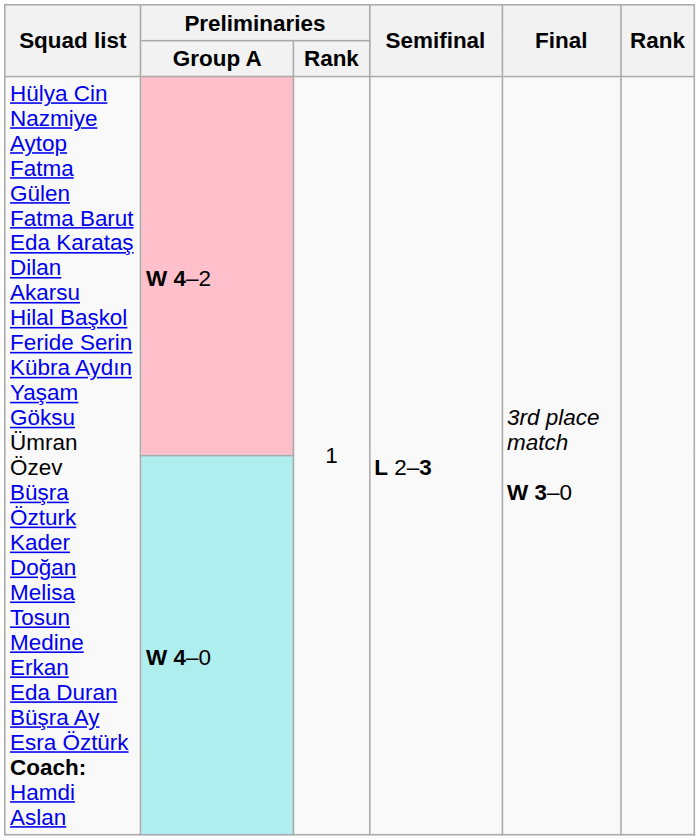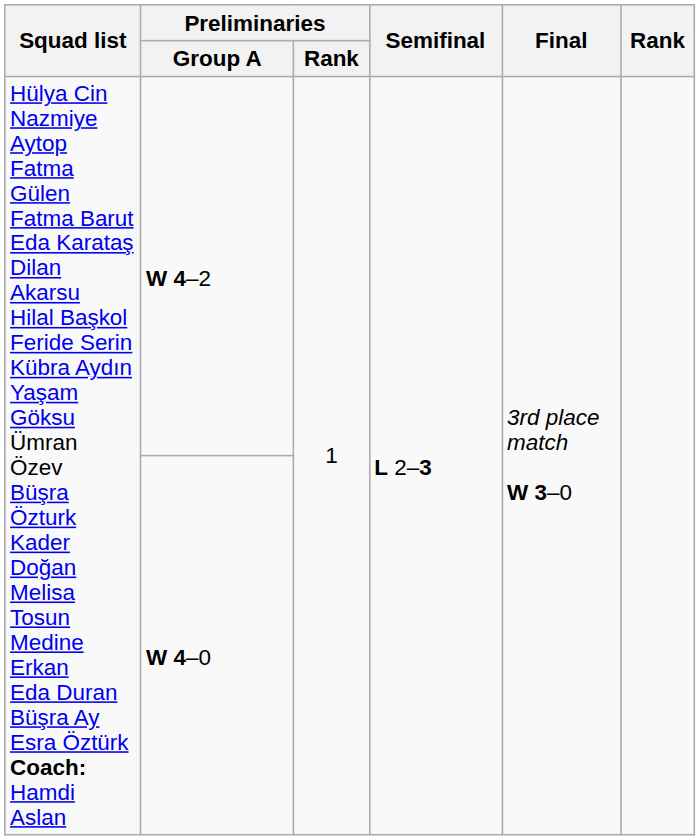 <table class="wikitable" width="71%" style="text-align:left; font-size:90%">
 <tr>
 <th rowspan="2" width="16%">Squad list</th>
 <th colspan="2">Preliminaries</th>
 <th rowspan="2" width="14%">Semifinal</th>
 <th rowspan="2" width="14%">Final</th>
 <th rowspan="2" width="5%">Rank</th>
 </tr>
 <tr>
 <th width="18%">Group A</th>
 <th width="5%">Rank</th>
 </tr>
 <tr>
 <td rowspan=2><a href='#'>Hülya Cin</a><br><a href='#'>Nazmiye Aytop</a><br><a href='#'>Fatma Gülen</a><br><a href='#'>Fatma Barut</a><br><a href='#'>Eda Karataş</a><br><a href='#'>Dilan Akarsu</a><br><a href='#'>Hilal Başkol</a><br><a href='#'>Feride Serin</a><br><a href='#'>Kübra Aydın</a><br><a href='#'>Yaşam Göksu</a><br>Ümran Özev<br><a href='#'>Büşra Özturk</a><br><a href='#'>Kader Doğan</a><br><a href='#'>Melisa Tosun</a><br><a href='#'>Medine Erkan</a><br><a href='#'>Eda Duran</a><br><a href='#'>Büşra Ay</a><br><a href='#'>Esra Öztürk</a><br><strong>Coach:</strong> <a href='#'>Hamdi Aslan</a></td>
-<td style="background: pink;"><br><strong>W</strong> <strong>4</strong>–2</td>
+<td><br><strong>W</strong> <strong>4</strong>–2</td>
 <td rowspan=2 align=center>1 <strong></strong></td>
 <td rowspan="2"><br><strong>L</strong> 2–<strong>3</strong></td>
 <td rowspan="2"><em>3rd place match</em><br><br> <strong>W</strong> <strong>3</strong>–0</td>
 <td rowspan=2 align=center></td>
 </tr>
 <tr>
-<td style="background: paleturquoise;"><br><strong>W</strong> <strong>4</strong>–0</td>
+<td><br><strong>W</strong> <strong>4</strong>–0</td>
 </tr>
 </table>
